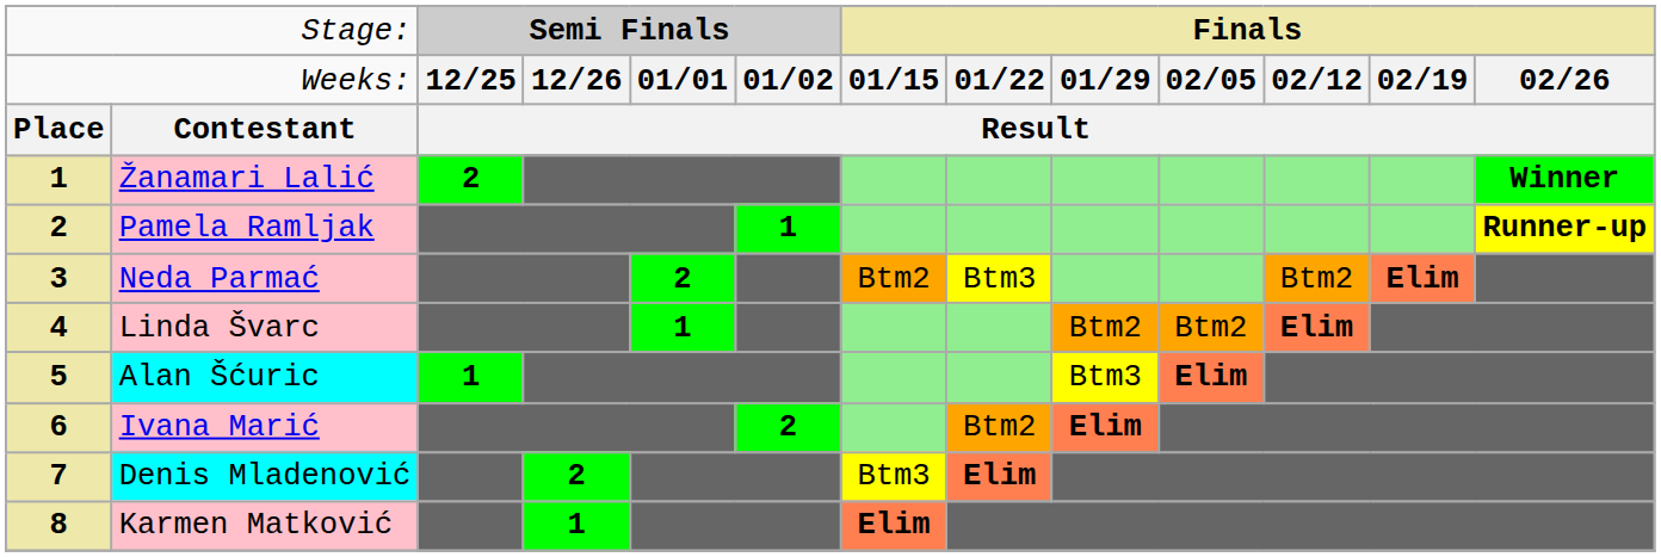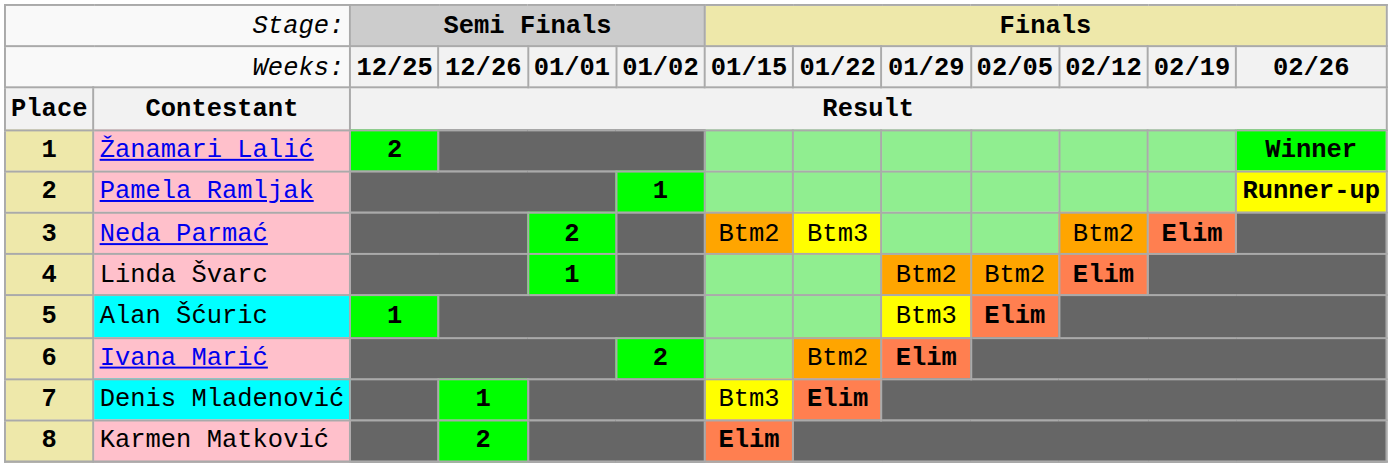 <table class="wikitable" align="center">
 <tr>
 <td colspan=2 align="right"><em>Stage:</em></td>
 <td colspan=4 bgcolor="CCCCCC" align="Center"><strong>Semi Finals</strong></td>
 <td colspan=15 bgcolor="palegoldenrod" align="Center"><strong>Finals</strong></td>
 </tr>
 <tr>
 <td colspan=2 align="right"><em>Weeks:</em></td>
 <th>12/25</th>
 <th>12/26</th>
 <th>01/01</th>
 <th>01/02</th>
 <th>01/15</th>
 <th>01/22</th>
 <th>01/29</th>
 <th>02/05</th>
 <th>02/12</th>
 <th>02/19</th>
 <th>02/26</th>
 </tr>
 <tr>
 <th>Place</th>
 <th>Contestant</th>
 <th colspan=17 align="center">Result</th>
 </tr>
 <tr>
 <td align="center" bgcolor="palegoldenrod"><strong>1</strong></td>
 <td bgcolor="pink"><a href='#'>Žanamari Lalić</a></td>
 <td style="background:lime" align="center"><strong>2</strong></td>
 <td bgcolor="666666" colspan=3></td>
 <td style="background: lightgreen"></td>
 <td style="background: lightgreen"></td>
 <td style="background: lightgreen"></td>
 <td style="background: lightgreen"></td>
 <td style="background: lightgreen"></td>
 <td style="background: lightgreen"></td>
 <td style="background: Lime" align="center"><strong>Winner</strong></td>
 </tr>
 <tr>
 <td align="center" bgcolor="palegoldenrod"><strong>2</strong></td>
 <td bgcolor="pink"><a href='#'>Pamela Ramljak</a></td>
 <td colspan=3 bgcolor="666666"></td>
 <td style="background:lime" align="center"><strong>1</strong></td>
 <td style="background: lightgreen"></td>
 <td style="background: lightgreen"></td>
 <td style="background: lightgreen"></td>
 <td style="background: lightgreen"></td>
 <td style="background: lightgreen"></td>
 <td style="background: lightgreen"></td>
 <td style="background: yellow" align="center"><strong>Runner-up</strong></td>
 </tr>
 <tr>
 <td align="center" bgcolor="palegoldenrod"><strong>3</strong></td>
 <td bgcolor="pink"><a href='#'>Neda Parmać</a></td>
 <td colspan=2 bgcolor="666666"></td>
 <td style="background:lime" align="center"><strong>2</strong></td>
 <td bgcolor="666666"></td>
 <td style="background: orange" align="center">Btm2</td>
 <td style="background: yellow" align="center">Btm3</td>
 <td style="background: lightgreen"></td>
 <td style="background: lightgreen"></td>
 <td style="background: orange" align="center">Btm2</td>
 <td style="background: coral" align="center"><strong>Elim</strong></td>
 <td bgcolor="666666"></td>
 </tr>
 <tr>
 <td align="center" bgcolor="palegoldenrod"><strong>4</strong></td>
 <td bgcolor="pink">Linda Švarc</td>
 <td colspan=2 bgcolor="666666"></td>
 <td style="background:lime" align="center"><strong>1</strong></td>
 <td bgcolor="666666"></td>
 <td style="background: lightgreen"></td>
 <td style="background: lightgreen"></td>
 <td style="background: orange" align="center">Btm2</td>
 <td style="background: orange" align="center">Btm2</td>
 <td style="background: coral" align="center"><strong>Elim</strong></td>
 <td colspan=2 bgcolor="666666"></td>
 </tr>
 <tr>
 <td align="center" bgcolor="palegoldenrod"><strong>5</strong></td>
 <td bgcolor="cyan">Alan Šćuric</td>
 <td style="background:lime" align="center"><strong>1</strong></td>
 <td colspan=3 bgcolor="666666"></td>
 <td style="background: lightgreen"></td>
 <td style="background: lightgreen"></td>
 <td style="background: yellow" align="center">Btm3</td>
 <td style="background: coral" align="center"><strong>Elim</strong></td>
 <td colspan=3 bgcolor="666666"></td>
 </tr>
 <tr>
 <td align="center" bgcolor="palegoldenrod"><strong>6</strong></td>
 <td bgcolor="pink"><a href='#'>Ivana Marić</a></td>
 <td colspan=3 bgcolor="666666"></td>
 <td style="background:lime" align="center"><strong>2</strong></td>
 <td style="background: lightgreen"></td>
 <td style="background: orange" align="center">Btm2</td>
 <td style="background: coral" align="center"><strong>Elim</strong></td>
 <td colspan=4 bgcolor="666666"></td>
 </tr>
 <tr>
 <td align="center" bgcolor="palegoldenrod"><strong>7</strong></td>
 <td bgcolor="cyan">Denis Mladenović</td>
 <td bgcolor="666666"></td>
-<td style="background:lime" align="center"><strong>2</strong></td>
+<td style="background:lime" align="center"><strong>1</strong></td>
 <td colspan=2 bgcolor="666666"></td>
 <td style="background: yellow" align="center">Btm3</td>
 <td style="background: coral" align="center"><strong>Elim</strong></td>
 <td colspan=6 bgcolor="666666"></td>
 </tr>
 <tr>
 <td align="center" bgcolor="palegoldenrod"><strong>8</strong></td>
 <td bgcolor="pink">Karmen Matković</td>
 <td bgcolor="666666"></td>
-<td style="background:lime" align="center"><strong>1</strong></td>
+<td style="background:lime" align="center"><strong>2</strong></td>
 <td colspan=2 bgcolor="666666"></td>
 <td style="background: coral" align="center"><strong>Elim</strong></td>
 <td colspan=8 bgcolor="666666"></td>
 </tr>
 <tr>
 </tr>
 </table>
